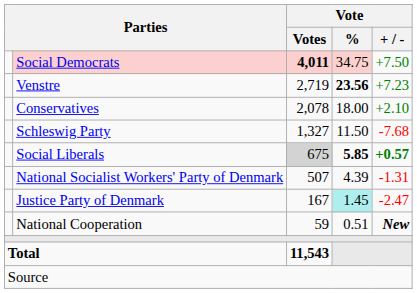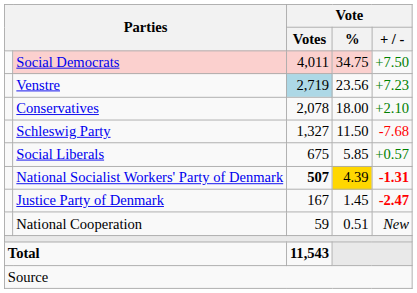 <table class="wikitable" style="text-align:right;">
 <tr>
 <th style="text-align:centre;" rowspan="2" colspan="2" width="225">Parties</th>
 <th colspan="3">Vote</th>
 </tr>
 <tr>
 <th width="15">Votes</th>
 <th width="15">%</th>
 <th width="15">+ / -</th>
 </tr>
 <tr>
 <td width="2" style="color:inherit;background:"></td>
 <td bgcolor=#fbd0ce  align="left"><a href='#'>Social Democrats</a></td>
-<td bgcolor=#fbd0ce><strong>4,011</strong></td>
+<td bgcolor=#fbd0ce>4,011</td>
 <td bgcolor=#fbd0ce>34.75</td>
 <td style=color:green;>+7.50</td>
 </tr>
 <tr>
 <td width="2" style="color:inherit;background:"></td>
 <td align="left"><a href='#'>Venstre</a></td>
-<td>2,719</td>
-<td><strong>23.56</strong></td>
+<td style="background: lightblue;">2,719</td>
+<td>23.56</td>
 <td style=color:green;>+7.23</td>
 </tr>
 <tr>
 <td width="2" style="color:inherit;background:"></td>
 <td align="left"><a href='#'>Conservatives</a></td>
 <td>2,078</td>
 <td>18.00</td>
 <td style=color:green;>+2.10</td>
 </tr>
 <tr>
 <td width="2" style="color:inherit;background:"></td>
 <td align="left"><a href='#'>Schleswig Party</a></td>
 <td>1,327</td>
 <td>11.50</td>
 <td style=color:red;>-7.68</td>
 </tr>
 <tr>
 <td width="2" style="color:inherit;background:"></td>
 <td align="left"><a href='#'>Social Liberals</a></td>
-<td style="background: lightgrey;">675</td>
-<td><strong>5.85</strong></td>
-<td style=color:green;><strong>+0.57</strong></td>
+<td>675</td>
+<td>5.85</td>
+<td style=color:green;>+0.57</td>
 </tr>
 <tr>
 <td width="2" style="color:inherit;background:"></td>
 <td align="left"><a href='#'>National Socialist Workers' Party of Denmark</a></td>
-<td>507</td>
-<td>4.39</td>
-<td style=color:red;>-1.31</td>
+<td><strong>507</strong></td>
+<td style="background: gold;">4.39</td>
+<td style=color:red;><strong>-1.31</strong></td>
 </tr>
 <tr>
 <td width="2" style="color:inherit;background:"></td>
 <td align="left"><a href='#'>Justice Party of Denmark</a></td>
 <td>167</td>
-<td style="background: paleturquoise;">1.45</td>
-<td style=color:red;>-2.47</td>
+<td>1.45</td>
+<td style=color:red;><strong>-2.47</strong></td>
 </tr>
 <tr>
 <td width="2" style="color:inherit;background:"></td>
 <td align="left">National Cooperation</td>
 <td>59</td>
 <td>0.51</td>
-<td><strong><em>New</em></strong></td>
+<td><em>New</em></td>
 </tr>
 <tr>
 <td colspan="7" bgcolor="#E9E9E9"></td>
 </tr>
 <tr>
 <td align="left" colspan="2"><strong>Total</strong></td>
 <td><strong>11,543</strong></td>
 <td bgcolor="#E9E9E9" colspan="2"></td>
 </tr>
 <tr>
 <td align="left" colspan="6">Source</td>
 </tr>
 </table>
